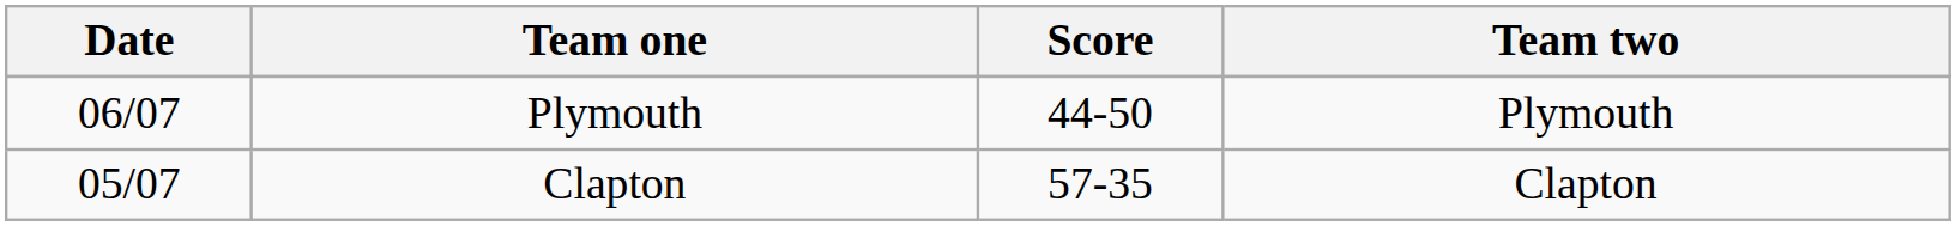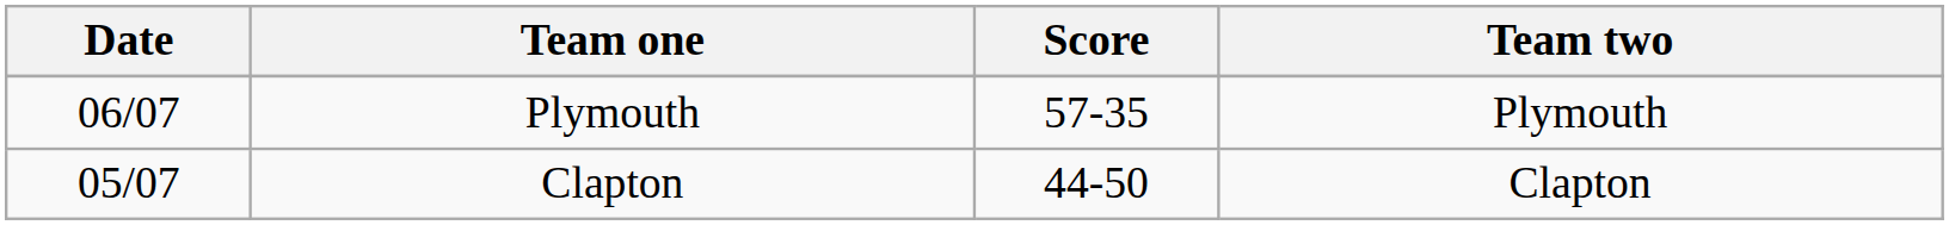 <table class="wikitable" style="text-align: center">
 <tr>
 <th width=80>Date</th>
 <th width=250>Team one</th>
 <th width=80>Score</th>
 <th width=250>Team two</th>
 </tr>
 <tr>
 </tr>
 <tr>
 <td>06/07</td>
 <td>Plymouth</td>
-<td>44-50</td>
+<td>57-35</td>
 <td>Plymouth</td>
 </tr>
 <tr>
 <td>05/07</td>
 <td>Clapton</td>
-<td>57-35</td>
+<td>44-50</td>
 <td>Clapton</td>
 </tr>
 </table>
